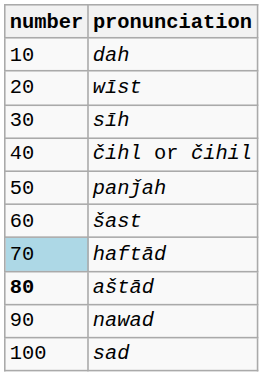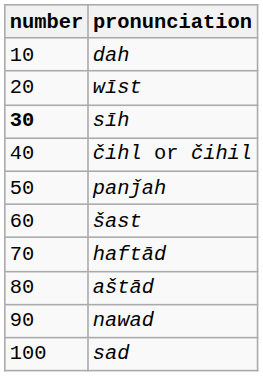 <table class="wikitable">
 <tr>
 <th>number</th>
 <th>pronunciation</th>
 </tr>
 <tr>
 <td>10</td>
 <td><em>dah</em></td>
 </tr>
 <tr>
 <td>20</td>
 <td><em>wīst</em></td>
 </tr>
 <tr>
-<td>30</td>
+<td><strong>30</strong></td>
 <td><em>sīh</em></td>
 </tr>
 <tr>
 <td>40</td>
 <td><em>čihl</em> or <em>čihil</em></td>
 </tr>
 <tr>
 <td>50</td>
 <td><em>panǰah</em></td>
 </tr>
 <tr>
 <td>60</td>
 <td><em>šast</em></td>
 </tr>
 <tr>
-<td style="background: lightblue;">70</td>
+<td>70</td>
 <td><em>haftād</em></td>
 </tr>
 <tr>
-<td><strong>80</strong></td>
+<td>80</td>
 <td><em>aštād</em></td>
 </tr>
 <tr>
 <td>90</td>
 <td><em>nawad</em></td>
 </tr>
 <tr>
 <td>100</td>
 <td><em>sad</em></td>
 </tr>
 </table>
